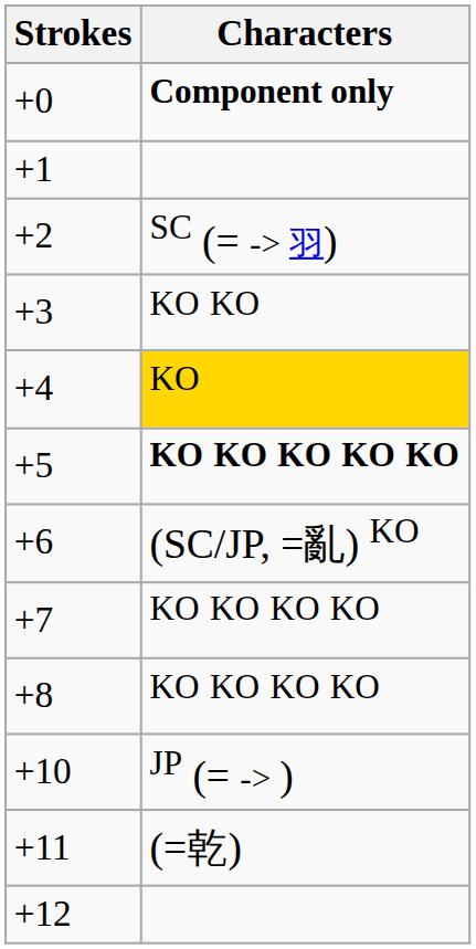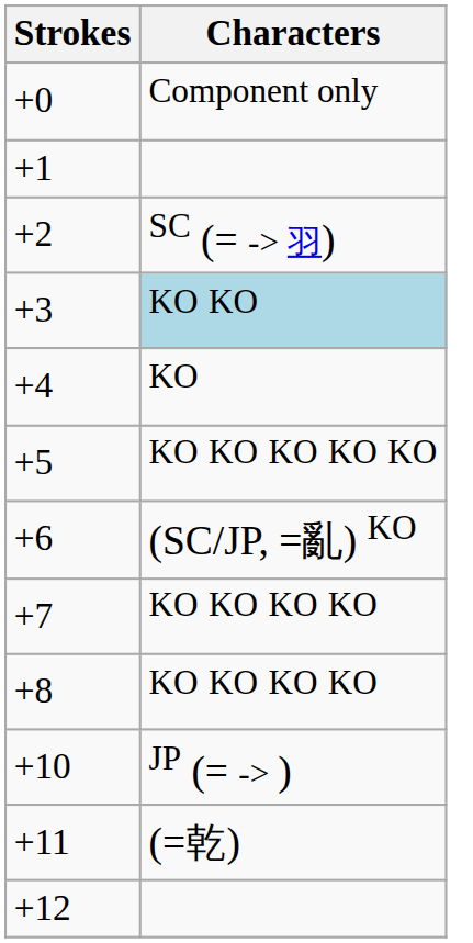 <table class="wikitable">
 <tr>
 <th>Strokes</th>
 <th>Characters</th>
 </tr>
 <tr --->
 <td>+0</td>
-<td style="font-size: large;"><strong>  <sup>Component only</sup></strong></td>
+<td style="font-size: large;">  <sup>Component only</sup></td>
 </tr>
 <tr --->
 <td>+1</td>
 <td style="font-size: large;"> </td>
 </tr>
 <tr --->
 <td>+2</td>
 <td style="font-size: large;">  <sup>SC</sup> (= <small>-> <a href='#'>羽</a></small>)</td>
 </tr>
 <tr --->
 <td>+3</td>
-<td style="font-size: large;">  <sup>KO</sup> <sup>KO</sup></td>
+<td style="background: lightblue; font-size: large;">  <sup>KO</sup> <sup>KO</sup></td>
 </tr>
 <tr --->
 <td>+4</td>
-<td style="background: gold; font-size: large;"><sup>KO</sup></td>
+<td style="font-size: large;"><sup>KO</sup></td>
 </tr>
 <tr --->
 <td>+5</td>
-<td style="font-size: large;"><strong>   <sup>KO</sup> <sup>KO</sup> <sup>KO</sup> <sup>KO</sup> <sup>KO</sup></strong></td>
+<td style="font-size: large;">   <sup>KO</sup> <sup>KO</sup> <sup>KO</sup> <sup>KO</sup> <sup>KO</sup></td>
 </tr>
 <tr --->
 <td>+6</td>
 <td style="font-size: large;"> (SC/JP, =亂) <sup>KO</sup></td>
 </tr>
 <tr --->
 <td>+7</td>
 <td style="font-size: large;"> <sup>KO</sup> <sup>KO</sup> <sup>KO</sup> <sup>KO</sup> </td>
 </tr>
 <tr --->
 <td>+8</td>
 <td style="font-size: large;"> <sup>KO</sup> <sup>KO</sup> <sup>KO</sup> <sup>KO</sup></td>
 </tr>
 <tr --->
 <td>+10</td>
 <td style="font-size: large;">  <sup>JP</sup> (= <small>-> </small>)</td>
 </tr>
 <tr --->
 <td>+11</td>
 <td style="font-size: large;"> (=乾)</td>
 </tr>
 <tr --->
 <td>+12</td>
 <td style="font-size: large;">  </td>
 </tr>
 </table>
